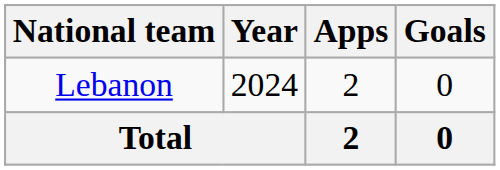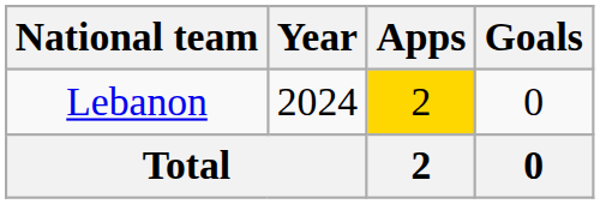 <table class="wikitable" style="text-align:center">
 <tr>
 <th>National team</th>
 <th>Year</th>
 <th>Apps</th>
 <th>Goals</th>
 </tr>
 <tr>
 <td><a href='#'>Lebanon</a></td>
 <td>2024</td>
-<td>2</td>
+<td style="background: gold;">2</td>
 <td>0</td>
 </tr>
 <tr>
 <th colspan="2">Total</th>
 <th>2</th>
 <th>0</th>
 </tr>
 </table>
